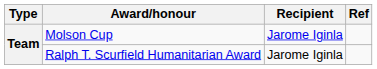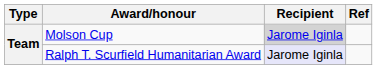 <table class="wikitable">
 <tr>
 <th scope="col">Type</th>
 <th scope="col">Award/honour</th>
 <th scope="col">Recipient</th>
 <th scope="col">Ref</th>
 </tr>
 <tr>
 <th scope="row" rowspan="2">Team</th>
 <td><a href='#'>Molson Cup</a></td>
-<td><a href='#'>Jarome Iginla</a></td>
+<td style="background: lightgrey;"><a href='#'>Jarome Iginla</a></td>
 <td></td>
 </tr>
 <tr>
 <td><a href='#'>Ralph T. Scurfield Humanitarian Award</a></td>
-<td>Jarome Iginla</td>
+<td style="background: lavender;">Jarome Iginla</td>
 <td></td>
 </tr>
 </table>
